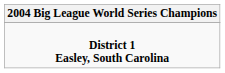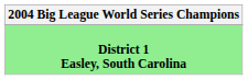 <table class="wikitable" style="text-align: center; margin: 0 auto;">
 <tr>
 <th>2004 Big League World Series Champions</th>
 </tr>
 <tr>
 </tr>
 <tr>
-<td><br><strong>District 1</strong><br> <strong>Easley, South Carolina</strong></td>
+<td style="background: lightgreen;"><br><strong>District 1</strong><br> <strong>Easley, South Carolina</strong></td>
 </tr>
 </table>
